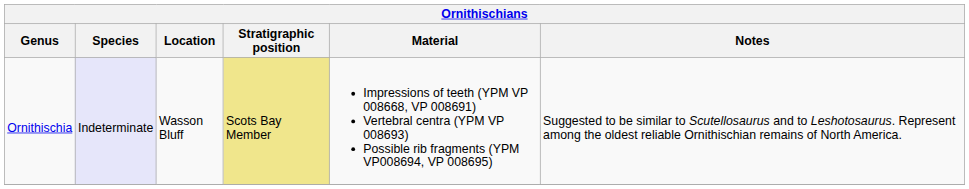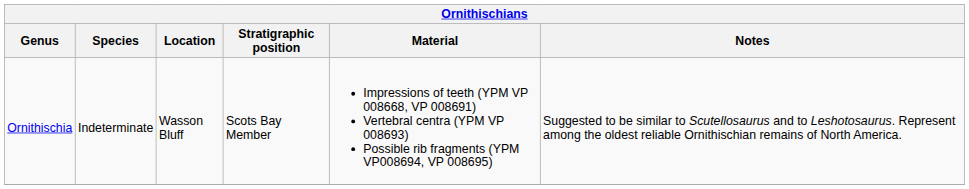 <table class="wikitable" align="center">
 <tr>
 <th colspan="7" align="center"><strong><a href='#'>Ornithischians</a></strong></th>
 </tr>
 <tr>
 <th>Genus</th>
 <th>Species</th>
 <th>Location</th>
 <th>Stratigraphic position</th>
 <th>Material</th>
 <th>Notes</th>
 </tr>
 <tr>
 <td><br><a href='#'>Ornithischia</a></td>
-<td style="background: lavender;"><br>Indeterminate</td>
+<td><br>Indeterminate</td>
 <td><br>Wasson Bluff</td>
-<td style="background: khaki;"><br>Scots Bay Member</td>
+<td><br>Scots Bay Member</td>
 <td><br><ul><li>Impressions of teeth (YPM VP 008668, VP 008691)</li><li>Vertebral centra (YPM VP 008693)</li><li>Possible rib fragments (YPM VP008694, VP 008695)</li></ul></td>
 <td><br>Suggested to be similar to <em>Scutellosaurus</em> and to <em>Leshotosaurus</em>. Represent among the oldest reliable Ornithischian remains of North America.</td>
 </tr>
 <tr>
 </tr>
 </table>
